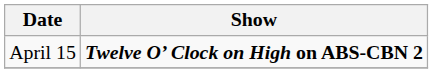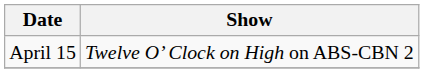 <table class="wikitable">
 <tr>
 <th>Date</th>
 <th>Show</th>
 </tr>
 <tr>
 <td>April 15</td>
-<td><strong><em>Twelve O’ Clock on High</em> on ABS-CBN 2</strong></td>
+<td><em>Twelve O’ Clock on High</em> on ABS-CBN 2</td>
 </tr>
 <tr>
 </tr>
 </table>
